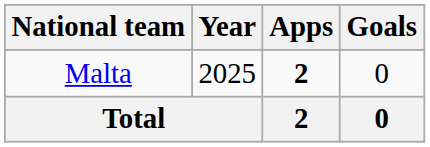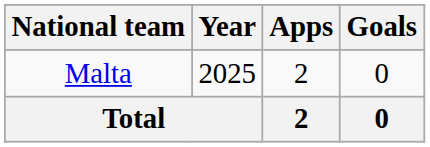 <table class="wikitable" style="text-align:center">
 <tr>
 <th>National team</th>
 <th>Year</th>
 <th>Apps</th>
 <th>Goals</th>
 </tr>
 <tr>
 <td rowspan="1"><a href='#'>Malta</a></td>
 <td>2025</td>
-<td><strong>2</strong></td>
+<td>2</td>
 <td>0</td>
 </tr>
 <tr>
 <th colspan="2">Total</th>
 <th>2</th>
 <th>0</th>
 </tr>
 </table>
